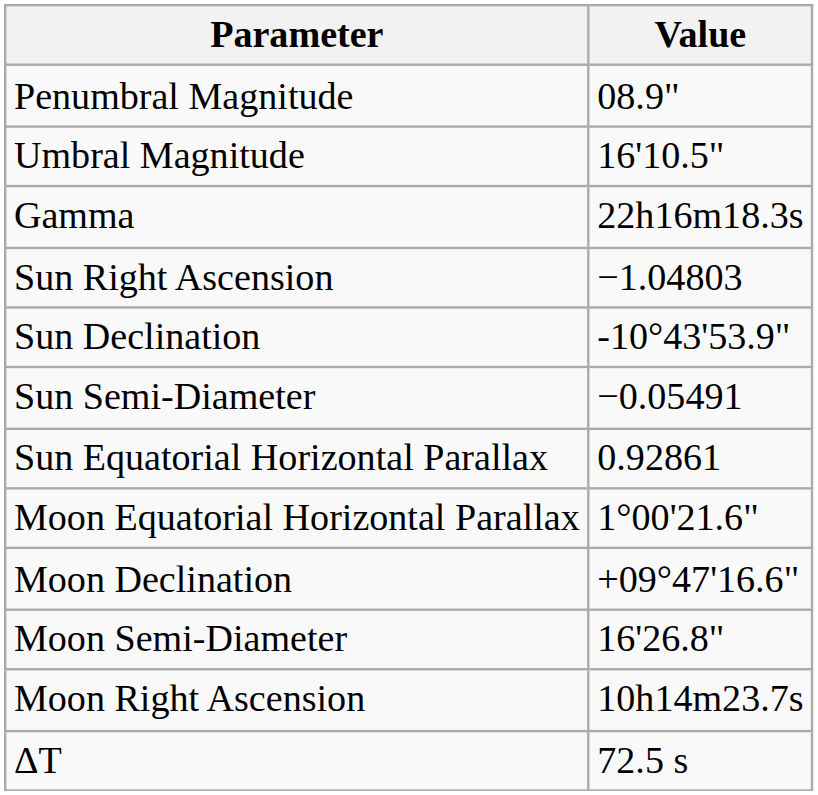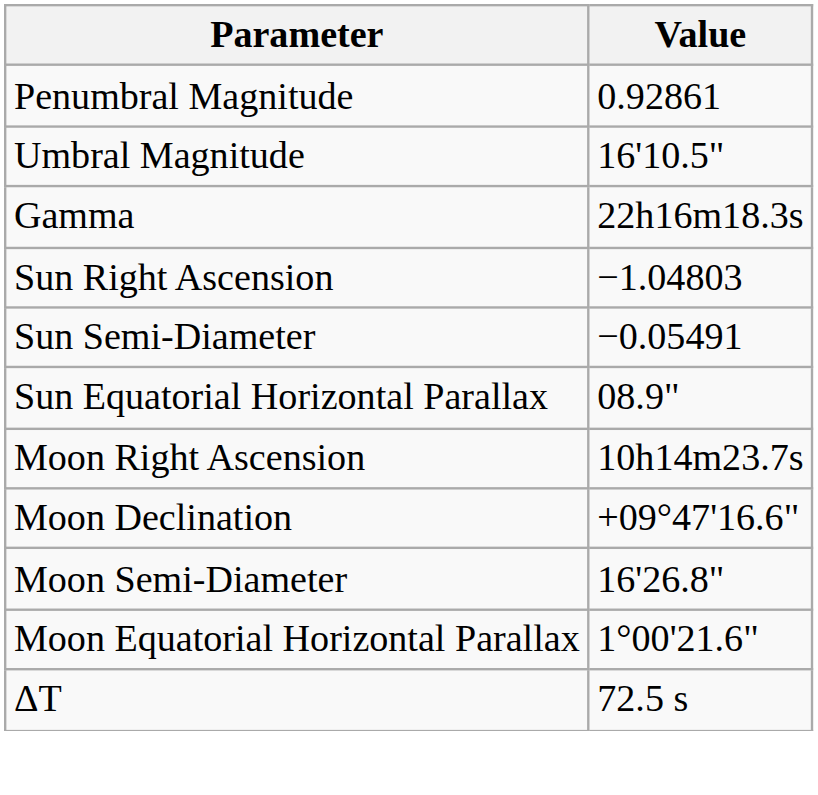 <table class="wikitable">
 <tr>
 <th>Parameter</th>
 <th>Value</th>
 </tr>
 <tr>
 <td>Penumbral Magnitude</td>
-<td>08.9"</td>
+<td>0.92861</td>
 </tr>
 <tr>
 <td>Umbral Magnitude</td>
 <td>16'10.5"</td>
 </tr>
 <tr>
 <td>Gamma</td>
 <td>22h16m18.3s</td>
 </tr>
 <tr>
 <td>Sun Right Ascension</td>
 <td>−1.04803</td>
 </tr>
 <tr>
-<td>Sun Declination</td>
-<td>-10°43'53.9"</td>
-</tr>
-<tr>
 <td>Sun Semi-Diameter</td>
 <td>−0.05491</td>
 </tr>
 <tr>
 <td>Sun Equatorial Horizontal Parallax</td>
-<td>0.92861</td>
+<td>08.9"</td>
 </tr>
 <tr>
-<td>Moon Equatorial Horizontal Parallax</td>
-<td>1°00'21.6"</td>
+<td>Moon Right Ascension</td>
+<td>10h14m23.7s</td>
 </tr>
 <tr>
 <td>Moon Declination</td>
 <td>+09°47'16.6"</td>
 </tr>
 <tr>
 <td>Moon Semi-Diameter</td>
 <td>16'26.8"</td>
 </tr>
 <tr>
-<td>Moon Right Ascension</td>
-<td>10h14m23.7s</td>
+<td>Moon Equatorial Horizontal Parallax</td>
+<td>1°00'21.6"</td>
 </tr>
 <tr>
 <td>ΔT</td>
 <td>72.5 s</td>
 </tr>
 </table>
